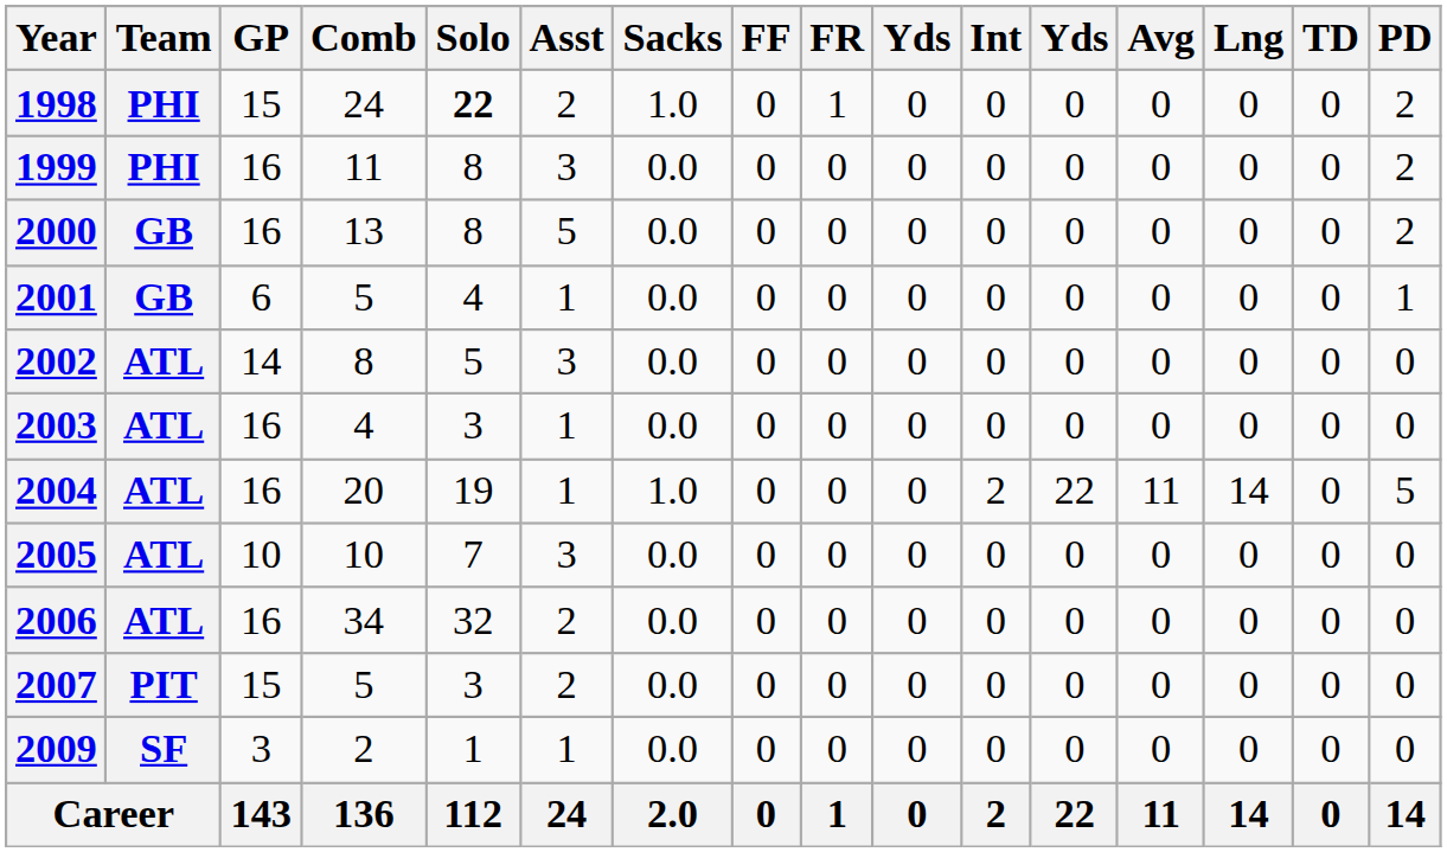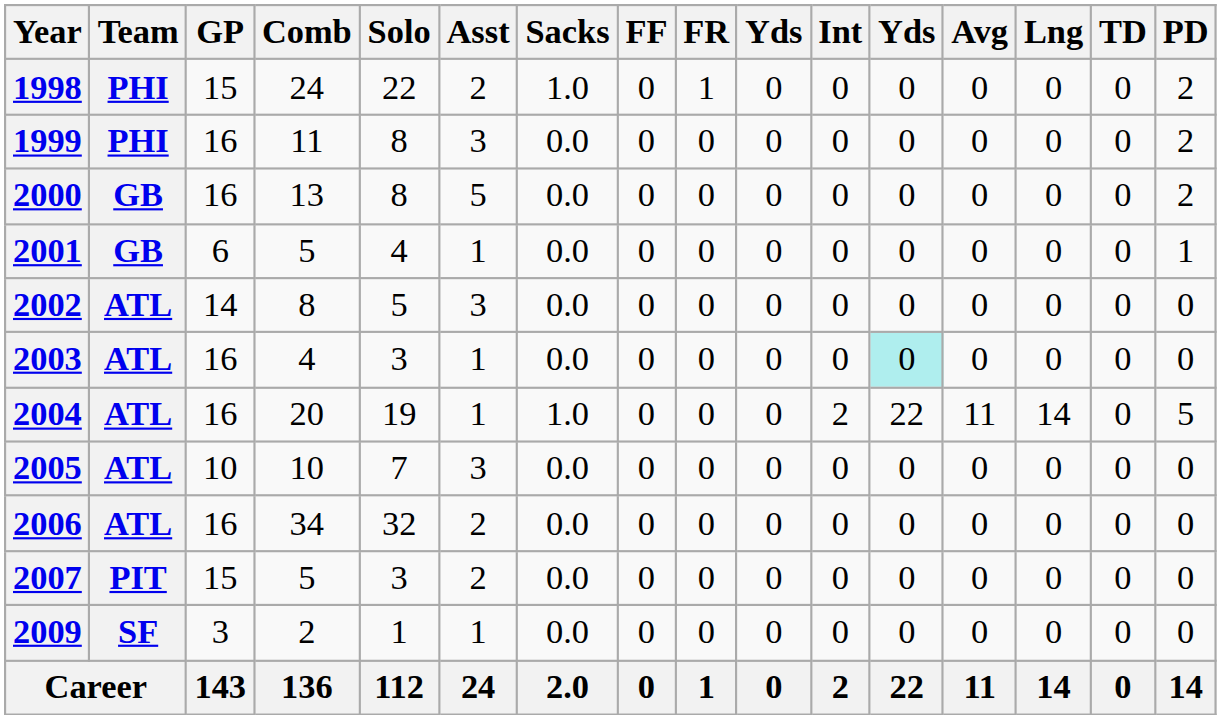 <table class="wikitable" style="text-align: center;">
 <tr>
 <th>Year</th>
 <th>Team</th>
 <th>GP</th>
 <th>Comb</th>
 <th>Solo</th>
 <th>Asst</th>
 <th>Sacks</th>
 <th>FF</th>
 <th>FR</th>
 <th>Yds</th>
 <th>Int</th>
 <th>Yds</th>
 <th>Avg</th>
 <th>Lng</th>
 <th>TD</th>
 <th>PD</th>
 </tr>
 <tr>
 <th><a href='#'>1998</a></th>
 <th><a href='#'>PHI</a></th>
 <td>15</td>
 <td>24</td>
-<td><strong>22</strong></td>
+<td>22</td>
 <td>2</td>
 <td>1.0</td>
 <td>0</td>
 <td>1</td>
 <td>0</td>
 <td>0</td>
 <td>0</td>
 <td>0</td>
 <td>0</td>
 <td>0</td>
 <td>2</td>
 </tr>
 <tr>
 <th><a href='#'>1999</a></th>
 <th><a href='#'>PHI</a></th>
 <td>16</td>
 <td>11</td>
 <td>8</td>
 <td>3</td>
 <td>0.0</td>
 <td>0</td>
 <td>0</td>
 <td>0</td>
 <td>0</td>
 <td>0</td>
 <td>0</td>
 <td>0</td>
 <td>0</td>
 <td>2</td>
 </tr>
 <tr>
 <th><a href='#'>2000</a></th>
 <th><a href='#'>GB</a></th>
 <td>16</td>
 <td>13</td>
 <td>8</td>
 <td>5</td>
 <td>0.0</td>
 <td>0</td>
 <td>0</td>
 <td>0</td>
 <td>0</td>
 <td>0</td>
 <td>0</td>
 <td>0</td>
 <td>0</td>
 <td>2</td>
 </tr>
 <tr>
 <th><a href='#'>2001</a></th>
 <th><a href='#'>GB</a></th>
 <td>6</td>
 <td>5</td>
 <td>4</td>
 <td>1</td>
 <td>0.0</td>
 <td>0</td>
 <td>0</td>
 <td>0</td>
 <td>0</td>
 <td>0</td>
 <td>0</td>
 <td>0</td>
 <td>0</td>
 <td>1</td>
 </tr>
 <tr>
 <th><a href='#'>2002</a></th>
 <th><a href='#'>ATL</a></th>
 <td>14</td>
 <td>8</td>
 <td>5</td>
 <td>3</td>
 <td>0.0</td>
 <td>0</td>
 <td>0</td>
 <td>0</td>
 <td>0</td>
 <td>0</td>
 <td>0</td>
 <td>0</td>
 <td>0</td>
 <td>0</td>
 </tr>
 <tr>
 <th><a href='#'>2003</a></th>
 <th><a href='#'>ATL</a></th>
 <td>16</td>
 <td>4</td>
 <td>3</td>
 <td>1</td>
 <td>0.0</td>
 <td>0</td>
 <td>0</td>
 <td>0</td>
 <td>0</td>
-<td>0</td>
+<td style="background: paleturquoise;">0</td>
 <td>0</td>
 <td>0</td>
 <td>0</td>
 <td>0</td>
 </tr>
 <tr>
 <th><a href='#'>2004</a></th>
 <th><a href='#'>ATL</a></th>
 <td>16</td>
 <td>20</td>
 <td>19</td>
 <td>1</td>
 <td>1.0</td>
 <td>0</td>
 <td>0</td>
 <td>0</td>
 <td>2</td>
 <td>22</td>
 <td>11</td>
 <td>14</td>
 <td>0</td>
 <td>5</td>
 </tr>
 <tr>
 <th><a href='#'>2005</a></th>
 <th><a href='#'>ATL</a></th>
 <td>10</td>
 <td>10</td>
 <td>7</td>
 <td>3</td>
 <td>0.0</td>
 <td>0</td>
 <td>0</td>
 <td>0</td>
 <td>0</td>
 <td>0</td>
 <td>0</td>
 <td>0</td>
 <td>0</td>
 <td>0</td>
 </tr>
 <tr>
 <th><a href='#'>2006</a></th>
 <th><a href='#'>ATL</a></th>
 <td>16</td>
 <td>34</td>
 <td>32</td>
 <td>2</td>
 <td>0.0</td>
 <td>0</td>
 <td>0</td>
 <td>0</td>
 <td>0</td>
 <td>0</td>
 <td>0</td>
 <td>0</td>
 <td>0</td>
 <td>0</td>
 </tr>
 <tr>
 <th><a href='#'>2007</a></th>
 <th><a href='#'>PIT</a></th>
 <td>15</td>
 <td>5</td>
 <td>3</td>
 <td>2</td>
 <td>0.0</td>
 <td>0</td>
 <td>0</td>
 <td>0</td>
 <td>0</td>
 <td>0</td>
 <td>0</td>
 <td>0</td>
 <td>0</td>
 <td>0</td>
 </tr>
 <tr>
 <th><a href='#'>2009</a></th>
 <th><a href='#'>SF</a></th>
 <td>3</td>
 <td>2</td>
 <td>1</td>
 <td>1</td>
 <td>0.0</td>
 <td>0</td>
 <td>0</td>
 <td>0</td>
 <td>0</td>
 <td>0</td>
 <td>0</td>
 <td>0</td>
 <td>0</td>
 <td>0</td>
 </tr>
 <tr>
 <th colspan="2">Career</th>
 <th>143</th>
 <th>136</th>
 <th>112</th>
 <th>24</th>
 <th>2.0</th>
 <th>0</th>
 <th>1</th>
 <th>0</th>
 <th>2</th>
 <th>22</th>
 <th>11</th>
 <th>14</th>
 <th>0</th>
 <th>14</th>
 </tr>
 </table>
